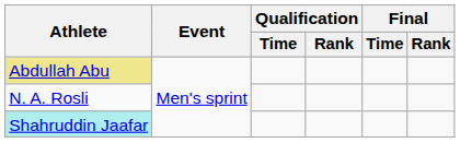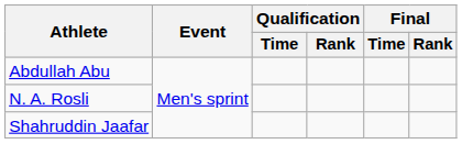 <table class="wikitable" style="font-size:90%;">
 <tr>
 <th rowspan=2>Athlete</th>
 <th rowspan=2>Event</th>
 <th colspan=2>Qualification</th>
 <th colspan=2>Final</th>
 </tr>
 <tr style="font-size:95%">
 <th>Time</th>
 <th>Rank</th>
 <th>Time</th>
 <th>Rank</th>
 </tr>
 <tr align=center>
-<td align=left style="background: khaki;"><a href='#'>Abdullah Abu</a></td>
+<td align=left><a href='#'>Abdullah Abu</a></td>
 <td align=left rowspan=3><a href='#'>Men's sprint</a></td>
 <td></td>
 <td></td>
 <td></td>
 <td></td>
 </tr>
 <tr align=center>
 <td align=left><a href='#'>N. A. Rosli</a></td>
 <td></td>
 <td></td>
 <td></td>
 <td></td>
 </tr>
 <tr align=center>
-<td align=left style="background: paleturquoise;"><a href='#'>Shahruddin Jaafar</a></td>
+<td align=left><a href='#'>Shahruddin Jaafar</a></td>
 <td></td>
 <td></td>
 <td></td>
 <td></td>
 </tr>
 </table>
